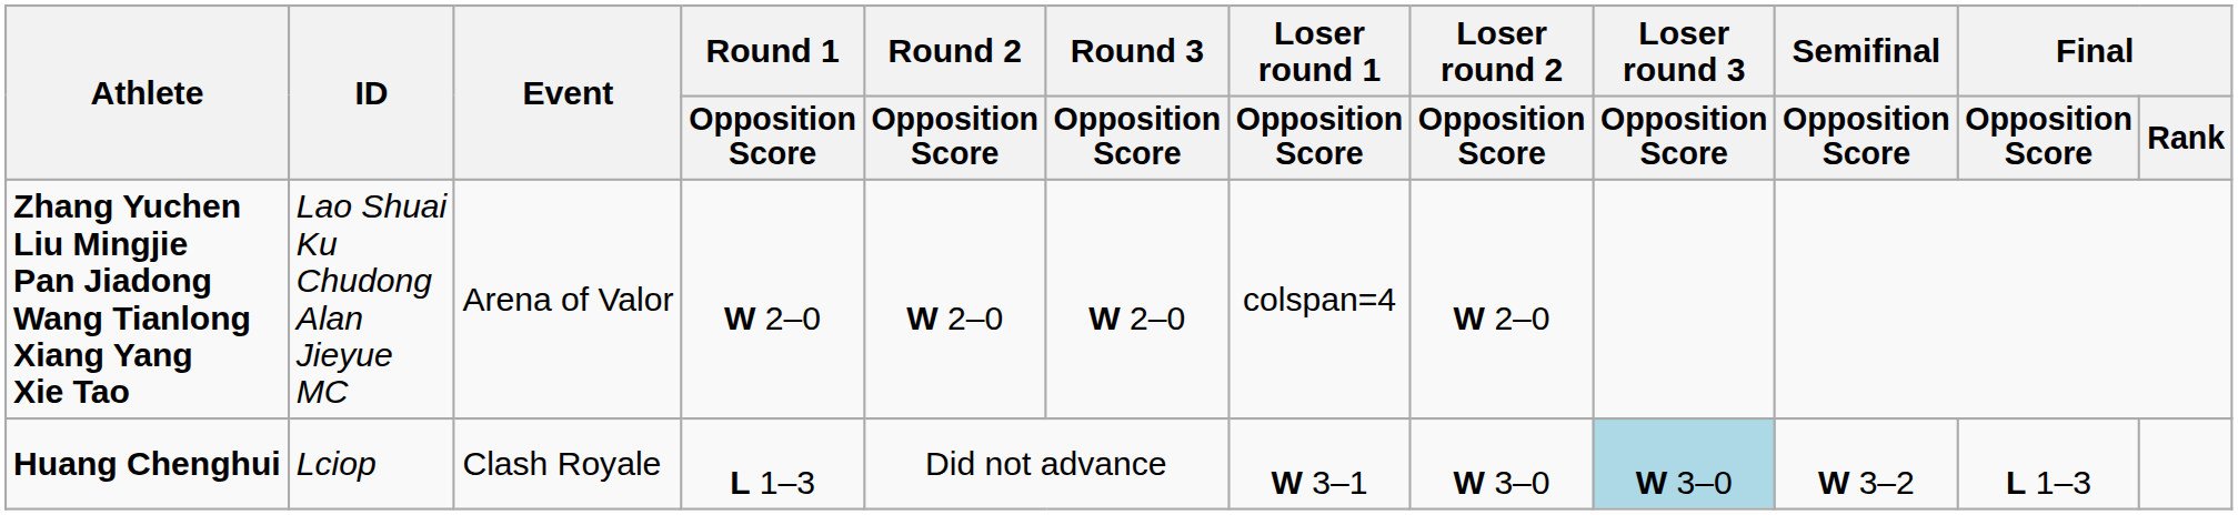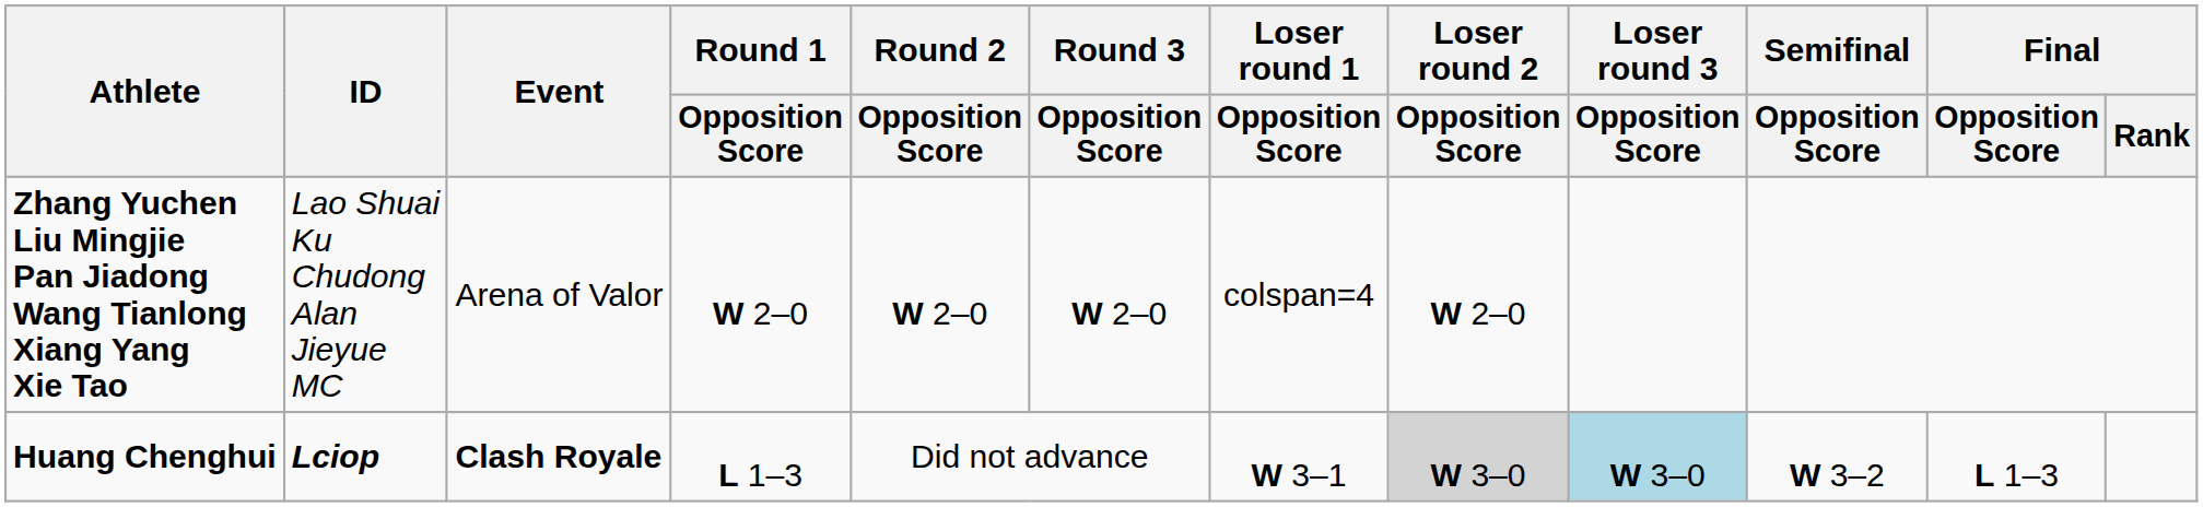 <table class=wikitable style="font-size:90%; text-align:center;">
 <tr>
 <th rowspan="2">Athlete</th>
 <th rowspan="2">ID</th>
 <th rowspan="2">Event</th>
 <th>Round 1</th>
 <th>Round 2</th>
 <th>Round 3</th>
 <th>Loser<br>round 1</th>
 <th>Loser<br>round 2</th>
 <th>Loser<br>round 3</th>
 <th>Semifinal</th>
 <th colspan=2>Final</th>
 </tr>
 <tr style="font-size:95%">
 <th>Opposition<br>Score</th>
 <th>Opposition<br>Score</th>
 <th>Opposition<br>Score</th>
 <th>Opposition<br>Score</th>
 <th>Opposition<br>Score</th>
 <th>Opposition<br>Score</th>
 <th>Opposition<br>Score</th>
 <th>Opposition<br>Score</th>
 <th>Rank</th>
 </tr>
 <tr>
 <td align=left><strong>Zhang Yuchen<br>Liu Mingjie<br>Pan Jiadong<br>Wang Tianlong<br>Xiang Yang<br>Xie Tao</strong></td>
 <td align=left><em>Lao Shuai<br>Ku<br>Chudong<br>Alan<br>Jieyue<br>MC</em></td>
 <td align=left>Arena of Valor</td>
 <td><br><strong>W</strong> 2–0</td>
 <td><br><strong>W</strong> 2–0</td>
 <td><br><strong>W</strong> 2–0</td>
 <td>colspan=4 </td>
 <td><br><strong>W</strong> 2–0</td>
 <td></td>
 </tr>
 <tr>
 <td align=left><strong>Huang Chenghui</strong></td>
-<td align=left><em>Lciop</em></td>
-<td align=left>Clash Royale</td>
+<td align=left><strong><em>Lciop</em></strong></td>
+<td align=left><strong>Clash Royale</strong></td>
 <td><br><strong>L</strong> 1–3</td>
 <td colspan=2>Did not advance</td>
 <td><br><strong>W</strong> 3–1</td>
-<td><br><strong>W</strong> 3–0</td>
+<td style="background: lightgrey;"><br><strong>W</strong> 3–0</td>
 <td style="background: lightblue;"><br><strong>W</strong> 3–0</td>
 <td><br><strong>W</strong> 3–2</td>
 <td><br><strong>L</strong> 1–3</td>
 <td></td>
 </tr>
 </table>
